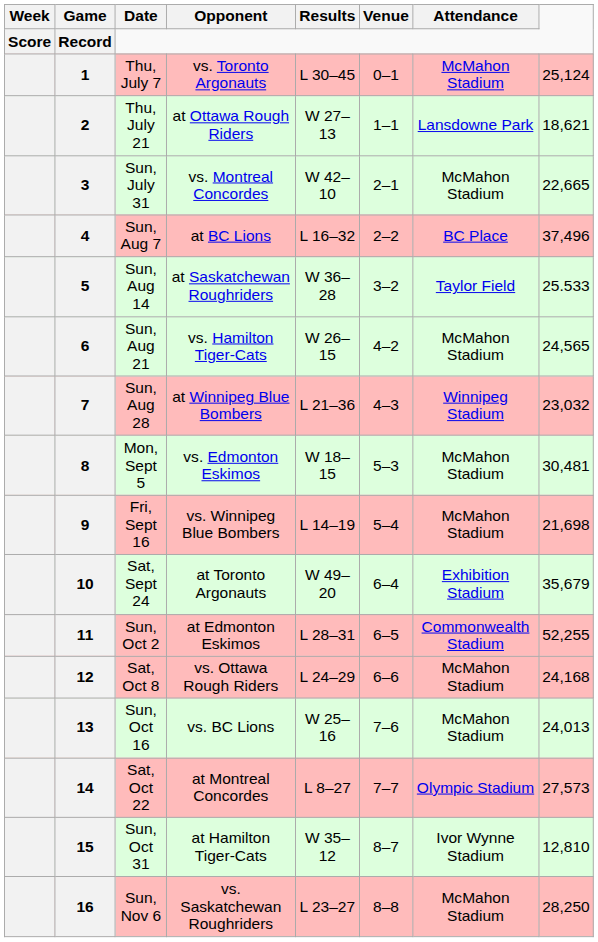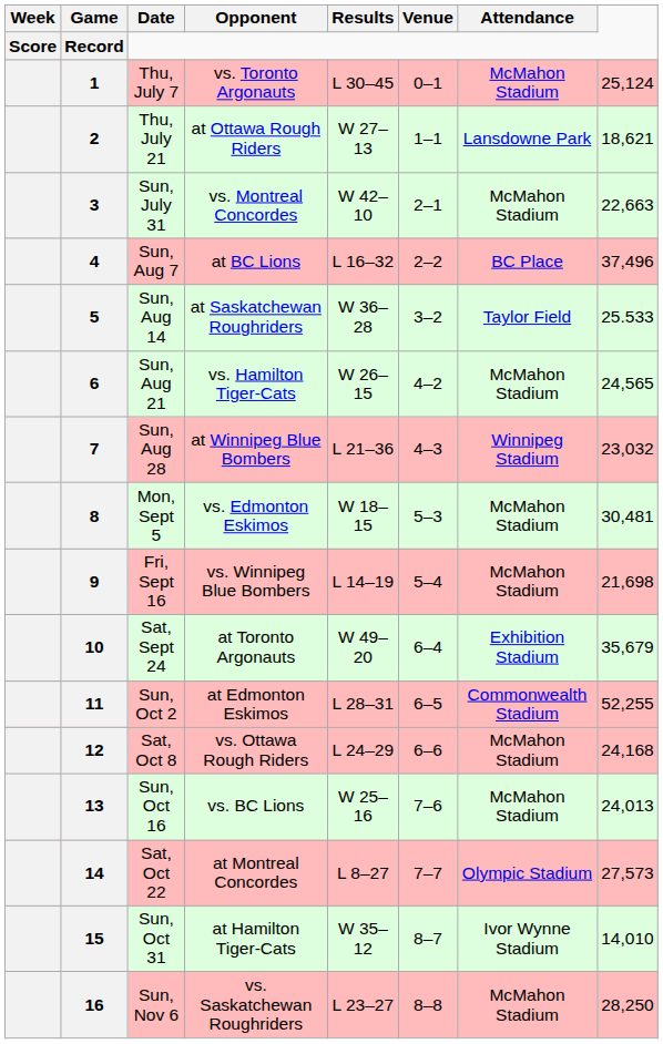 <table class="wikitable" style="text-align:center">
 <tr>
 <th>Week</th>
 <th>Game</th>
 <th>Date</th>
 <th>Opponent</th>
 <th>Results</th>
 <th>Venue</th>
 <th>Attendance</th>
 </tr>
 <tr>
 <th>Score</th>
 <th>Record</th>
 </tr>
 <tr style="background:#ffbbbb">
 <th></th>
 <th>1</th>
 <td>Thu, July 7</td>
 <td>vs. <a href='#'>Toronto Argonauts</a></td>
 <td>L 30–45</td>
 <td>0–1</td>
 <td><a href='#'>McMahon Stadium</a></td>
 <td>25,124</td>
 </tr>
 <tr style="background:#ddffdd">
 <th></th>
 <th>2</th>
 <td>Thu, July 21</td>
 <td>at <a href='#'>Ottawa Rough Riders</a></td>
 <td>W 27–13</td>
 <td>1–1</td>
 <td><a href='#'>Lansdowne Park</a></td>
 <td>18,621</td>
 </tr>
 <tr style="background:#ddffdd">
 <th></th>
 <th>3</th>
 <td>Sun, July 31</td>
 <td>vs. <a href='#'>Montreal Concordes</a></td>
 <td>W 42–10</td>
 <td>2–1</td>
 <td>McMahon Stadium</td>
-<td>22,665</td>
+<td>22,663</td>
 </tr>
 <tr style="background:#ffbbbb">
 <th></th>
 <th>4</th>
 <td>Sun, Aug 7</td>
 <td>at <a href='#'>BC Lions</a></td>
 <td>L 16–32</td>
 <td>2–2</td>
 <td><a href='#'>BC Place</a></td>
 <td>37,496</td>
 </tr>
 <tr style="background:#ddffdd">
 <th></th>
 <th>5</th>
 <td>Sun, Aug 14</td>
 <td>at <a href='#'>Saskatchewan Roughriders</a></td>
 <td>W 36–28</td>
 <td>3–2</td>
 <td><a href='#'>Taylor Field</a></td>
 <td>25.533</td>
 </tr>
 <tr style="background:#ddffdd">
 <th></th>
 <th>6</th>
 <td>Sun, Aug 21</td>
 <td>vs. <a href='#'>Hamilton Tiger-Cats</a></td>
 <td>W 26–15</td>
 <td>4–2</td>
 <td>McMahon Stadium</td>
 <td>24,565</td>
 </tr>
 <tr style="background:#ffbbbb">
 <th></th>
 <th>7</th>
 <td>Sun, Aug 28</td>
 <td>at <a href='#'>Winnipeg Blue Bombers</a></td>
 <td>L 21–36</td>
 <td>4–3</td>
 <td><a href='#'>Winnipeg Stadium</a></td>
 <td>23,032</td>
 </tr>
 <tr style="background:#ddffdd">
 <th></th>
 <th>8</th>
 <td>Mon, Sept 5</td>
 <td>vs. <a href='#'>Edmonton Eskimos</a></td>
 <td>W 18–15</td>
 <td>5–3</td>
 <td>McMahon Stadium</td>
 <td>30,481</td>
 </tr>
 <tr style="background:#ffbbbb">
 <th></th>
 <th>9</th>
 <td>Fri, Sept 16</td>
 <td>vs. Winnipeg Blue Bombers</td>
 <td>L 14–19</td>
 <td>5–4</td>
 <td>McMahon Stadium</td>
 <td>21,698</td>
 </tr>
 <tr style="background:#ddffdd">
 <th></th>
 <th>10</th>
 <td>Sat, Sept 24</td>
 <td>at Toronto Argonauts</td>
 <td>W 49–20</td>
 <td>6–4</td>
 <td><a href='#'>Exhibition Stadium</a></td>
 <td>35,679</td>
 </tr>
 <tr style="background:#ffbbbb">
 <th></th>
 <th>11</th>
 <td>Sun, Oct 2</td>
 <td>at Edmonton Eskimos</td>
 <td>L 28–31</td>
 <td>6–5</td>
 <td><a href='#'>Commonwealth Stadium</a></td>
 <td>52,255</td>
 </tr>
 <tr style="background:#ffbbbb">
 <th></th>
 <th>12</th>
 <td>Sat, Oct 8</td>
 <td>vs. Ottawa Rough Riders</td>
 <td>L 24–29</td>
 <td>6–6</td>
 <td>McMahon Stadium</td>
 <td>24,168</td>
 </tr>
 <tr style="background:#ddffdd">
 <th></th>
 <th>13</th>
 <td>Sun, Oct 16</td>
 <td>vs. BC Lions</td>
 <td>W 25–16</td>
 <td>7–6</td>
 <td>McMahon Stadium</td>
 <td>24,013</td>
 </tr>
 <tr style="background:#ffbbbb">
 <th></th>
 <th>14</th>
 <td>Sat, Oct 22</td>
 <td>at Montreal Concordes</td>
 <td>L 8–27</td>
 <td>7–7</td>
 <td><a href='#'>Olympic Stadium</a></td>
 <td>27,573</td>
 </tr>
 <tr style="background:#ddffdd">
 <th></th>
 <th>15</th>
 <td>Sun, Oct 31</td>
 <td>at Hamilton Tiger-Cats</td>
 <td>W 35–12</td>
 <td>8–7</td>
 <td>Ivor Wynne Stadium</td>
-<td>12,810</td>
+<td>14,010</td>
 </tr>
 <tr style="background:#ffbbbb">
 <th></th>
 <th>16</th>
 <td>Sun, Nov 6</td>
 <td>vs. Saskatchewan Roughriders</td>
 <td>L 23–27</td>
 <td>8–8</td>
 <td>McMahon Stadium</td>
 <td>28,250</td>
 </tr>
 </table>
